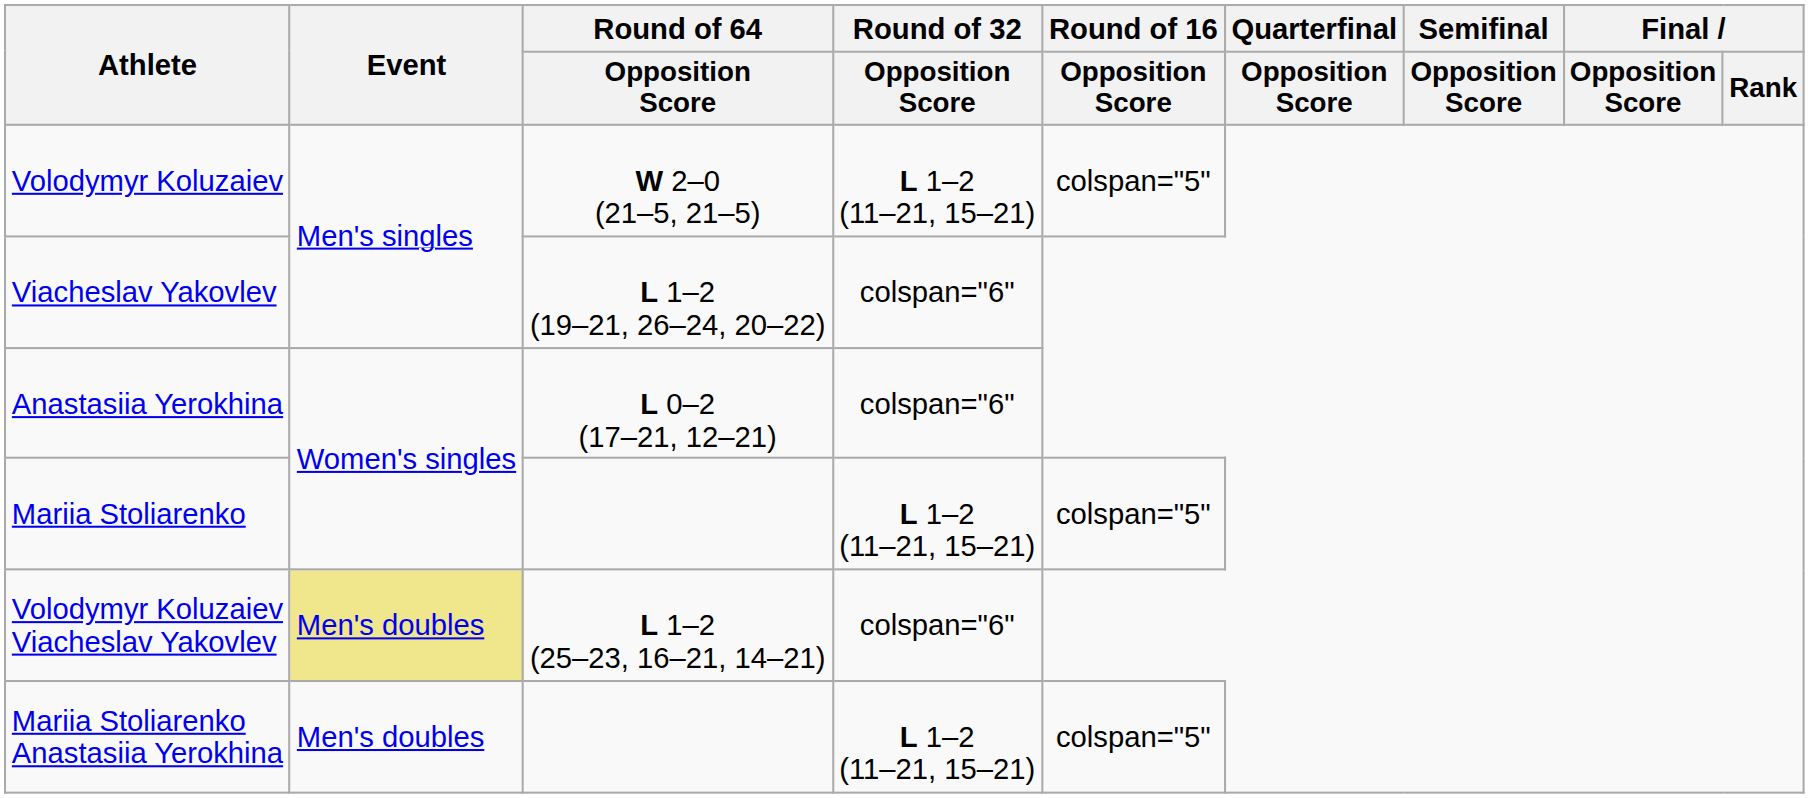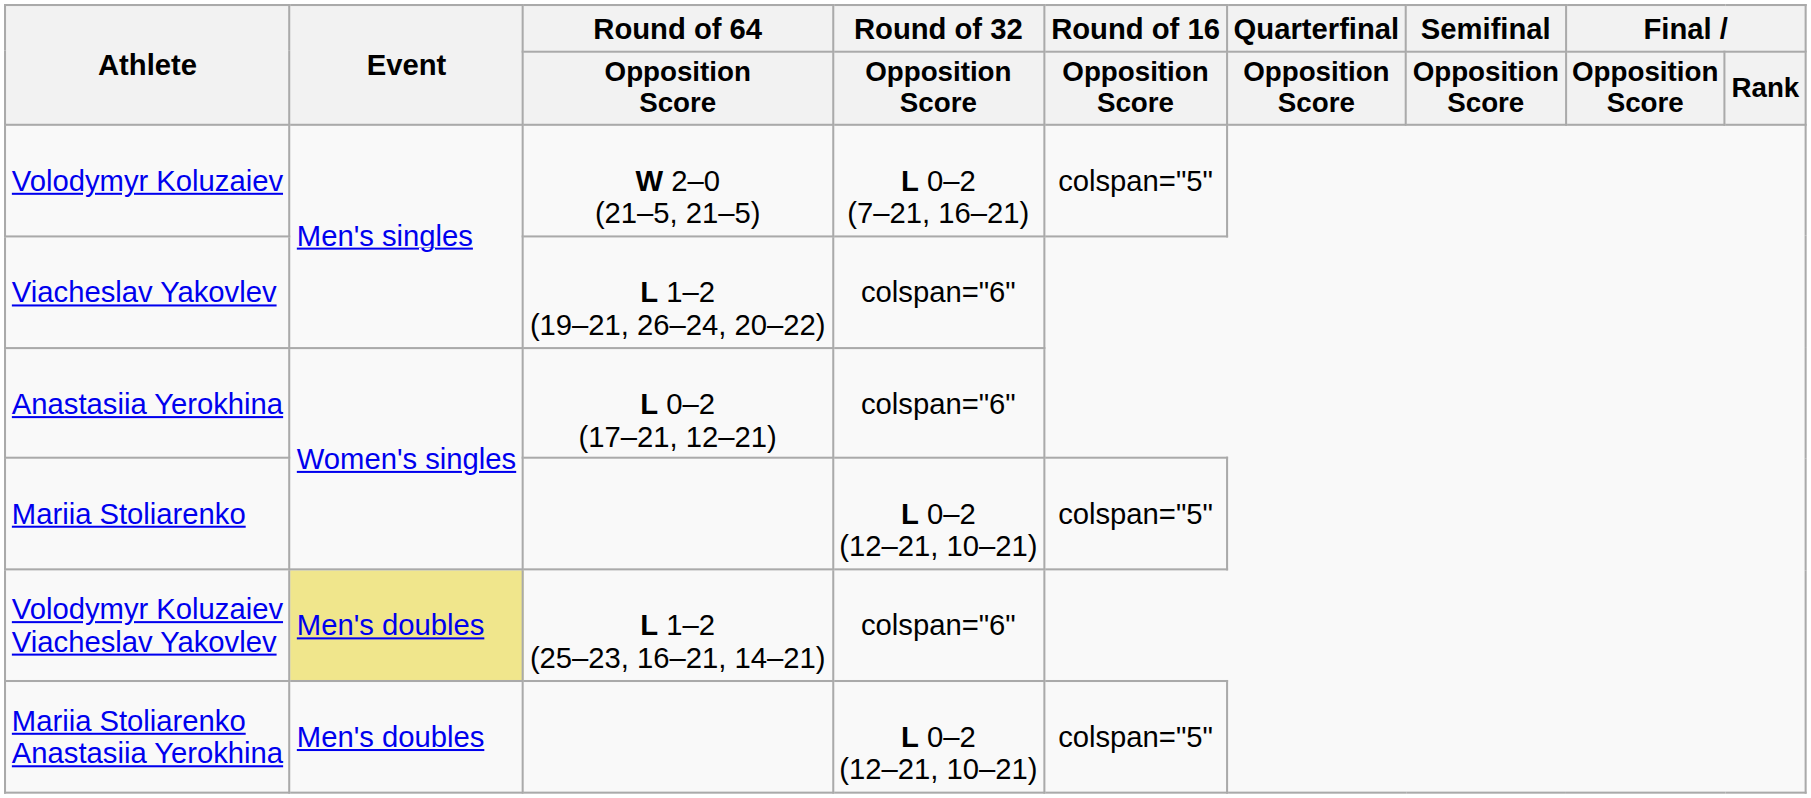 <table class="wikitable" style="font-size:90%">
 <tr>
 <th rowspan="2">Athlete</th>
 <th rowspan="2">Event</th>
 <th>Round of 64</th>
 <th>Round of 32</th>
 <th>Round of 16</th>
 <th>Quarterfinal</th>
 <th>Semifinal</th>
 <th colspan=2>Final / </th>
 </tr>
 <tr style="font-size:95%">
 <th>Opposition <br> Score</th>
 <th>Opposition <br> Score</th>
 <th>Opposition <br> Score</th>
 <th>Opposition <br> Score</th>
 <th>Opposition <br> Score</th>
 <th>Opposition <br> Score</th>
 <th>Rank</th>
 </tr>
 <tr align=center>
 <td align=left><a href='#'>Volodymyr Koluzaiev</a></td>
 <td align=left rowspan=2><a href='#'>Men's singles</a></td>
 <td><br><strong>W</strong> 2–0<br>(21–5, 21–5)</td>
-<td><br><strong>L</strong> 1–2<br>(11–21, 15–21)</td>
+<td><br><strong>L</strong> 0–2<br>(7–21, 16–21)</td>
 <td>colspan="5" </td>
 </tr>
 <tr align=center>
 <td align=left><a href='#'>Viacheslav Yakovlev</a></td>
 <td><br><strong>L</strong> 1–2<br>(19–21, 26–24, 20–22)</td>
 <td>colspan="6" </td>
 </tr>
 <tr align=center>
 <td align=left><a href='#'>Anastasiia Yerokhina</a></td>
 <td align=left rowspan=2><a href='#'>Women's singles</a></td>
 <td><br><strong>L</strong> 0–2<br>(17–21, 12–21)</td>
 <td>colspan="6" </td>
 </tr>
 <tr align=center>
 <td align=left><a href='#'>Mariia Stoliarenko</a></td>
 <td></td>
-<td><br><strong>L</strong> 1–2<br>(11–21, 15–21)</td>
+<td><br><strong>L</strong> 0–2<br>(12–21, 10–21)</td>
 <td>colspan="5" </td>
 </tr>
 <tr align=center>
 <td align=left><a href='#'>Volodymyr Koluzaiev</a><br><a href='#'>Viacheslav Yakovlev</a></td>
 <td align=left style="background: khaki;"><a href='#'>Men's doubles</a></td>
 <td><br><strong>L</strong> 1–2<br>(25–23, 16–21, 14–21)</td>
 <td>colspan="6" </td>
 </tr>
 <tr align=center>
 <td align=left><a href='#'>Mariia Stoliarenko</a><br><a href='#'>Anastasiia Yerokhina</a></td>
 <td align=left rowspan=2><a href='#'>Men's doubles</a></td>
 <td></td>
-<td><br><strong>L</strong> 1–2<br>(11–21, 15–21)</td>
+<td><br><strong>L</strong> 0–2<br>(12–21, 10–21)</td>
 <td>colspan="5" </td>
 </tr>
 </table>
